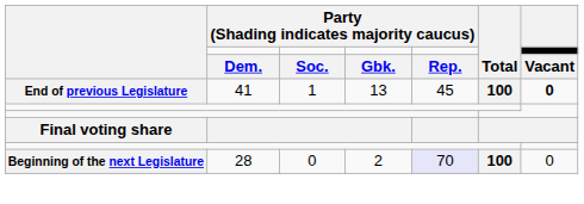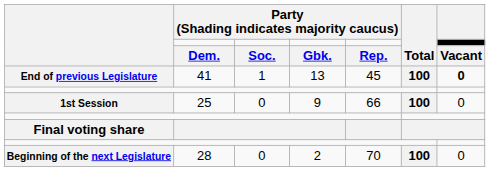 <table class=wikitable style="text-align:center">
 <tr style="vertical-align:bottom;">
 <th rowspan=3></th>
 <th colspan=4>Party <div>(Shading indicates majority caucus)</div></th>
 <th rowspan=3>Total</th>
 <th></th>
 </tr>
 <tr style="height:5px">
 <td style="background-color:"></td>
 <td style="background-color:"></td>
 <td style="background-color:"></td>
 <td style="background-color:"></td>
 <td style="background:black;"></td>
 </tr>
 <tr>
 <th><a href='#'>Dem.</a></th>
 <th><a href='#'>Soc.</a></th>
 <th><a href='#'>Gbk.</a></th>
 <th><a href='#'>Rep.</a></th>
 <th>Vacant</th>
 </tr>
 <tr>
 <th style="font-size:80%;">End of <a href='#'>previous Legislature</a></th>
 <td>41</td>
 <td>1</td>
 <td>13</td>
 <td>45</td>
 <th>100</th>
 <td><strong>0</strong></td>
 </tr>
 <tr>
 <td colspan=6></td>
 </tr>
 <tr>
+<th style="font-size:80%;">1st Session</th>
+<td>25</td>
+<td>0</td>
+<td>9</td>
+<td>66</td>
+<th>100</th>
+<td>0</td>
+</tr>
+<tr>
 <td colspan=5></td>
 </tr>
 <tr>
 <th>Final voting share</th>
 <th colspan=3></th>
 <th></th>
 <th colspan=2></th>
 </tr>
 <tr>
 <td colspan=6></td>
 </tr>
 <tr>
 <th style="font-size:80%;">Beginning of the <a href='#'>next Legislature</a></th>
 <td>28</td>
 <td>0</td>
 <td>2</td>
-<td style="background: lavender;">70</td>
+<td>70</td>
 <th>100</th>
 <td>0</td>
 </tr>
 </table>
